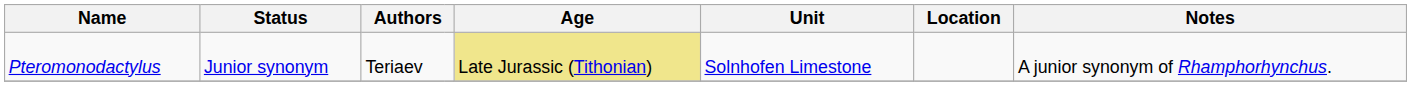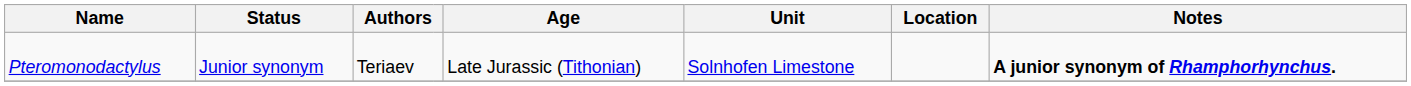 <table class="wikitable sortable" align="center" width="100%">
 <tr>
 <th>Name</th>
 <th>Status</th>
 <th colspan="2">Authors</th>
 <th>Age</th>
 <th>Unit</th>
 <th>Location</th>
 <th>Notes</th>
 </tr>
 <tr>
 <td><br><em><a href='#'>Pteromonodactylus</a></em></td>
 <td><br><a href='#'>Junior synonym</a></td>
 <td style="border-right:0px" valign="top"><br>Teriaev</td>
 <td style="border-left:0px" valign="top"></td>
-<td style="background: khaki;"><br>Late Jurassic (<a href='#'>Tithonian</a>)</td>
+<td><br>Late Jurassic (<a href='#'>Tithonian</a>)</td>
 <td><br><a href='#'>Solnhofen Limestone</a></td>
 <td><br></td>
-<td><br>A junior synonym of <em><a href='#'>Rhamphorhynchus</a></em>.</td>
+<td><strong><br>A junior synonym of <em><a href='#'>Rhamphorhynchus</a></em>.</strong></td>
 </tr>
 <tr>
 </tr>
 </table>
